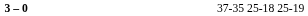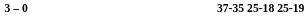 <table>
 <tr>
 <th width=200></th>
 <th width=80></th>
 <th width=200></th>
 <th width=220></th>
 </tr>
 <tr style=font-size:90%>
 <td align=right><strong></strong></td>
 <td align=center><strong>3 – 0</strong></td>
 <td></td>
-<td>37-35 25-18 25-19</td>
+<td><strong>37-35 25-18 25-19</strong></td>
 </tr>
 </table>
